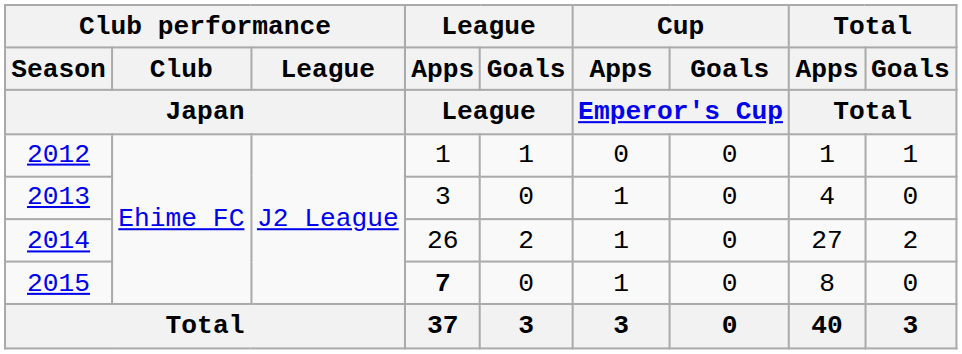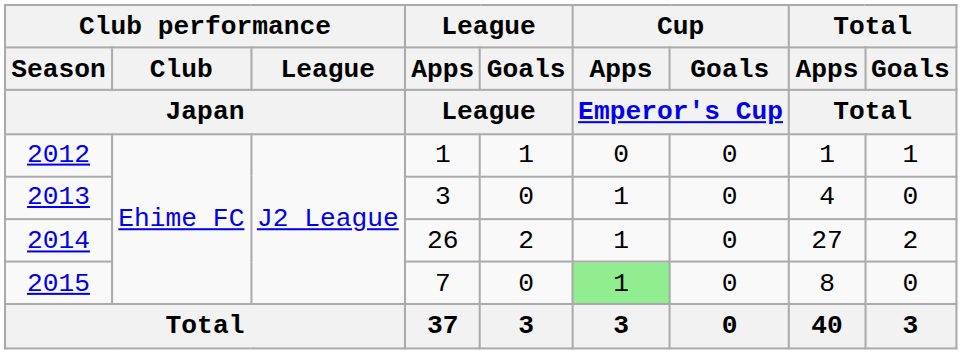 <table class="wikitable" style="text-align:center;">
 <tr>
 <th colspan=3>Club performance</th>
 <th colspan=2>League</th>
 <th colspan=2>Cup</th>
 <th colspan=2>Total</th>
 </tr>
 <tr>
 <th>Season</th>
 <th>Club</th>
 <th>League</th>
 <th>Apps</th>
 <th>Goals</th>
 <th>Apps</th>
 <th>Goals</th>
 <th>Apps</th>
 <th>Goals</th>
 </tr>
 <tr>
 <th colspan=3>Japan</th>
 <th colspan=2>League</th>
 <th colspan=2><a href='#'>Emperor's Cup</a></th>
 <th colspan=2>Total</th>
 </tr>
 <tr>
 <td><a href='#'>2012</a></td>
 <td rowspan=4><a href='#'>Ehime FC</a></td>
 <td rowspan=4><a href='#'>J2 League</a></td>
 <td>1</td>
 <td>1</td>
 <td>0</td>
 <td>0</td>
 <td>1</td>
 <td>1</td>
 </tr>
 <tr>
 <td><a href='#'>2013</a></td>
 <td>3</td>
 <td>0</td>
 <td>1</td>
 <td>0</td>
 <td>4</td>
 <td>0</td>
 </tr>
 <tr>
 <td><a href='#'>2014</a></td>
 <td>26</td>
 <td>2</td>
 <td>1</td>
 <td>0</td>
 <td>27</td>
 <td>2</td>
 </tr>
 <tr>
 <td><a href='#'>2015</a></td>
-<td><strong>7</strong></td>
+<td>7</td>
 <td>0</td>
-<td>1</td>
+<td style="background: lightgreen;">1</td>
 <td>0</td>
 <td>8</td>
 <td>0</td>
 </tr>
 <tr>
 <th colspan=3>Total</th>
 <th>37</th>
 <th>3</th>
 <th>3</th>
 <th>0</th>
 <th>40</th>
 <th>3</th>
 </tr>
 </table>
